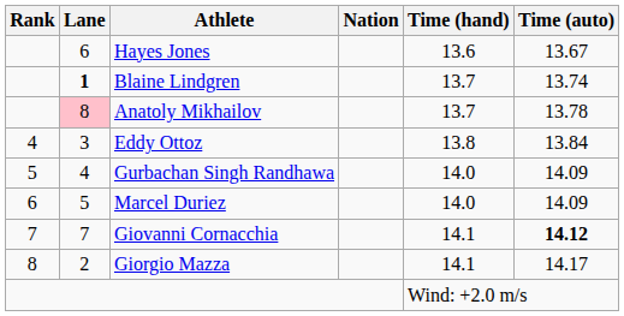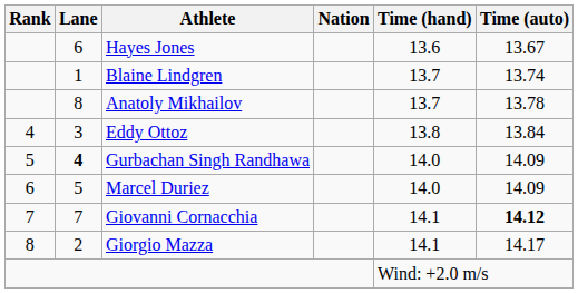 <table class="wikitable sortable" style="text-align:center">
 <tr>
 <th>Rank</th>
 <th>Lane</th>
 <th>Athlete</th>
 <th>Nation</th>
 <th>Time (hand)</th>
 <th>Time (auto)</th>
 </tr>
 <tr>
 <td></td>
 <td>6</td>
 <td align=left><a href='#'>Hayes Jones</a></td>
 <td align=left></td>
 <td>13.6</td>
 <td>13.67</td>
 </tr>
 <tr>
 <td></td>
-<td><strong>1</strong></td>
+<td>1</td>
 <td align=left><a href='#'>Blaine Lindgren</a></td>
 <td align=left></td>
 <td>13.7</td>
 <td>13.74</td>
 </tr>
 <tr>
 <td></td>
-<td style="background: pink;">8</td>
+<td>8</td>
 <td align=left><a href='#'>Anatoly Mikhailov</a></td>
 <td align=left></td>
 <td>13.7</td>
 <td>13.78</td>
 </tr>
 <tr>
 <td>4</td>
 <td>3</td>
 <td align=left><a href='#'>Eddy Ottoz</a></td>
 <td align=left></td>
 <td>13.8</td>
 <td>13.84</td>
 </tr>
 <tr>
 <td>5</td>
-<td>4</td>
+<td><strong>4</strong></td>
 <td align=left><a href='#'>Gurbachan Singh Randhawa</a></td>
 <td align=left></td>
 <td>14.0</td>
 <td>14.09</td>
 </tr>
 <tr>
 <td>6</td>
 <td>5</td>
 <td align=left><a href='#'>Marcel Duriez</a></td>
 <td align=left></td>
 <td>14.0</td>
 <td>14.09</td>
 </tr>
 <tr>
 <td>7</td>
 <td>7</td>
 <td align=left><a href='#'>Giovanni Cornacchia</a></td>
 <td align=left></td>
 <td>14.1</td>
 <td><strong>14.12</strong></td>
 </tr>
 <tr>
 <td>8</td>
 <td>2</td>
 <td align=left><a href='#'>Giorgio Mazza</a></td>
 <td align=left></td>
 <td>14.1</td>
 <td>14.17</td>
 </tr>
 <tr class="sortbottom">
 <td colspan=4></td>
 <td colspan="2" style="text-align:left;">Wind: +2.0 m/s</td>
 </tr>
 </table>
